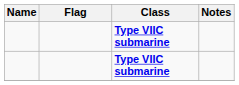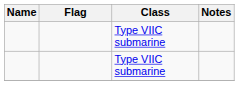 <table class="wikitable sortable">
 <tr>
 <th scope="col" width="40px">Name</th>
 <th scope="col" width="100px">Flag</th>
 <th scope="col" width="120px">Class</th>
 <th>Notes</th>
 </tr>
 <tr>
 <td align="left"></td>
 <td align="left"></td>
-<td align="left"><strong><a href='#'>Type VIIC submarine</a></strong></td>
+<td align="left"><a href='#'>Type VIIC submarine</a></td>
 <td align="left"></td>
 </tr>
 <tr>
 <td align="left"></td>
 <td align="left"></td>
-<td align="left"><strong><a href='#'>Type VIIC submarine</a></strong></td>
+<td align="left"><a href='#'>Type VIIC submarine</a></td>
 <td align="left"></td>
 </tr>
 <tr>
 </tr>
 </table>
